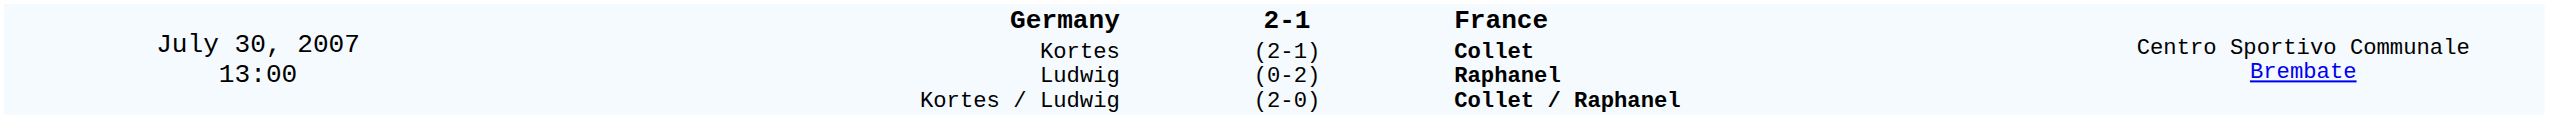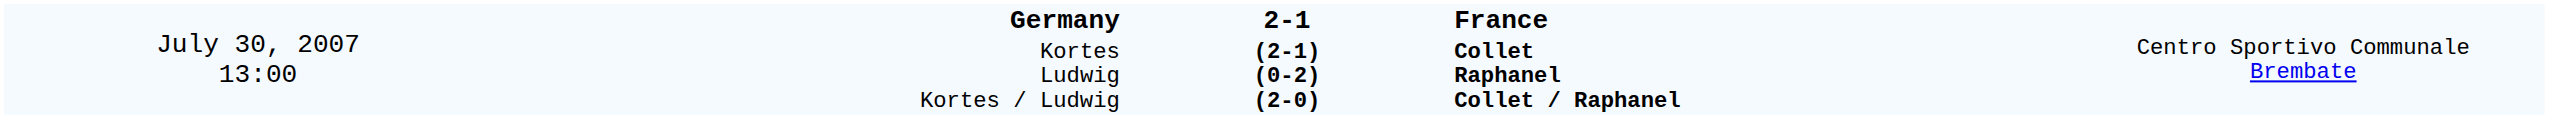 <table style="width: 100%; background:#F5FAFF;" cellspacing="0">
 <tr>
 <td align=center rowspan=3 width=20%>July 30, 2007<br>13:00</td>
 </tr>
 <tr>
 <td width=24% align=right><strong>Germany</strong></td>
 <td align=center width=13%><strong>2-1</strong></td>
 <td width=24%><strong>France</strong></td>
 <td style=font-size:85% rowspan=3 valign=middle align=center>Centro Sportivo Communale<br><a href='#'>Brembate</a></td>
 </tr>
 <tr style=font-size:85%>
 <td align=right valign=top>Kortes<br>Ludwig<br>Kortes / Ludwig</td>
-<td align=center>(2-1)<br>(0-2)<br>(2-0)</td>
+<td align=center><strong>(2-1)<br>(0-2)<br>(2-0)</strong></td>
 <td><strong>Collet<br>Raphanel<br>Collet / Raphanel</strong></td>
 </tr>
 </table>
